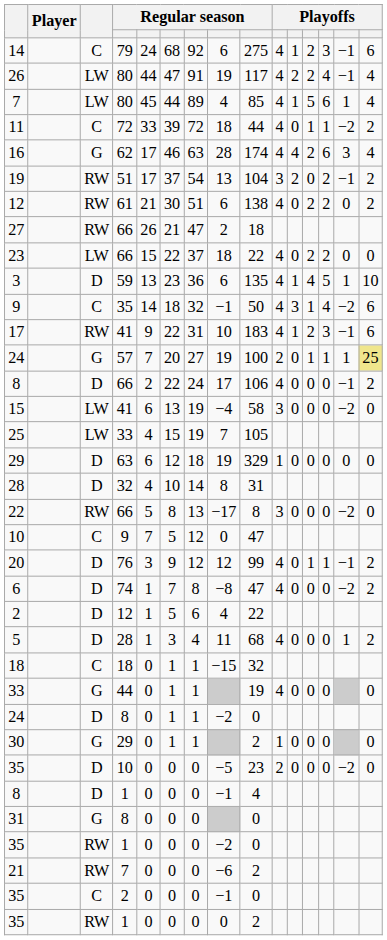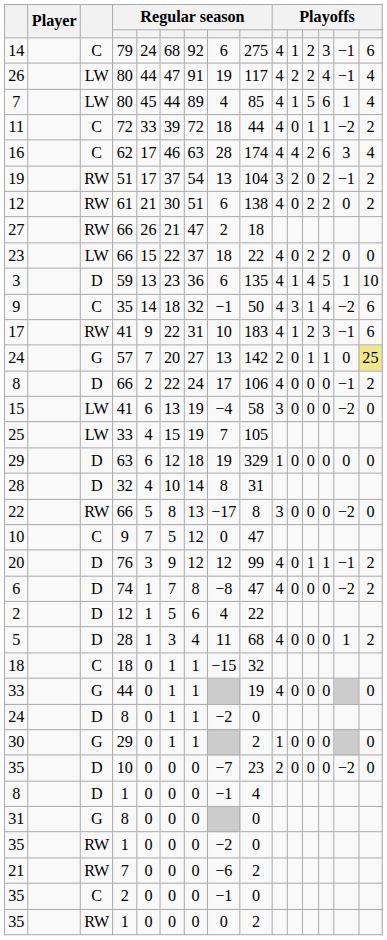 <table class="wikitable sortable plainrowheaders" style="text-align:center;">
 <tr>
 <th scope="col" data-sort-type="number" rowspan="2"></th>
 <th scope="col" rowspan="2">Player</th>
 <th scope="col" rowspan="2"></th>
 <th scope=colgroup colspan=6>Regular season</th>
 <th scope=colgroup colspan=6>Playoffs</th>
 </tr>
 <tr>
 <th scope="col" data-sort-type="number"></th>
 <th scope="col" data-sort-type="number"></th>
 <th scope="col" data-sort-type="number"></th>
 <th scope="col" data-sort-type="number"></th>
 <th scope="col" data-sort-type="number"></th>
 <th scope="col" data-sort-type="number"></th>
 <th scope="col" data-sort-type="number"></th>
 <th scope="col" data-sort-type="number"></th>
 <th scope="col" data-sort-type="number"></th>
 <th scope="col" data-sort-type="number"></th>
 <th scope="col" data-sort-type="number"></th>
 <th scope="col" data-sort-type="number"></th>
 </tr>
 <tr>
 <td scope="row">14</td>
 <td align="left"></td>
 <td>C</td>
 <td>79</td>
 <td>24</td>
 <td>68</td>
 <td>92</td>
 <td>6</td>
 <td>275</td>
 <td>4</td>
 <td>1</td>
 <td>2</td>
 <td>3</td>
 <td>−1</td>
 <td>6</td>
 </tr>
 <tr>
 <td scope="row">26</td>
 <td align="left"></td>
 <td>LW</td>
 <td>80</td>
 <td>44</td>
 <td>47</td>
 <td>91</td>
 <td>19</td>
 <td>117</td>
 <td>4</td>
 <td>2</td>
 <td>2</td>
 <td>4</td>
 <td>−1</td>
 <td>4</td>
 </tr>
 <tr>
 <td scope="row">7</td>
 <td align="left"></td>
 <td>LW</td>
 <td>80</td>
 <td>45</td>
 <td>44</td>
 <td>89</td>
 <td>4</td>
 <td>85</td>
 <td>4</td>
 <td>1</td>
 <td>5</td>
 <td>6</td>
 <td>1</td>
 <td>4</td>
 </tr>
 <tr>
 <td scope="row">11</td>
 <td align="left"></td>
 <td>C</td>
 <td>72</td>
 <td>33</td>
 <td>39</td>
 <td>72</td>
 <td>18</td>
 <td>44</td>
 <td>4</td>
 <td>0</td>
 <td>1</td>
 <td>1</td>
 <td>−2</td>
 <td>2</td>
 </tr>
 <tr>
 <td scope="row">16</td>
 <td align="left"></td>
-<td>G</td>
+<td>C</td>
 <td>62</td>
 <td>17</td>
 <td>46</td>
 <td>63</td>
 <td>28</td>
 <td>174</td>
 <td>4</td>
 <td>4</td>
 <td>2</td>
 <td>6</td>
 <td>3</td>
 <td>4</td>
 </tr>
 <tr>
 <td scope="row">19</td>
 <td align="left"></td>
 <td>RW</td>
 <td>51</td>
 <td>17</td>
 <td>37</td>
 <td>54</td>
 <td>13</td>
 <td>104</td>
 <td>3</td>
 <td>2</td>
 <td>0</td>
 <td>2</td>
 <td>−1</td>
 <td>2</td>
 </tr>
 <tr>
 <td scope="row">12</td>
 <td align="left"></td>
 <td>RW</td>
 <td>61</td>
 <td>21</td>
 <td>30</td>
 <td>51</td>
 <td>6</td>
 <td>138</td>
 <td>4</td>
 <td>0</td>
 <td>2</td>
 <td>2</td>
 <td>0</td>
 <td>2</td>
 </tr>
 <tr>
 <td scope="row">27</td>
 <td align="left"></td>
 <td>RW</td>
 <td>66</td>
 <td>26</td>
 <td>21</td>
 <td>47</td>
 <td>2</td>
 <td>18</td>
 <td></td>
 <td></td>
 <td></td>
 <td></td>
 <td></td>
 <td></td>
 </tr>
 <tr>
 <td scope="row">23</td>
 <td align="left"></td>
 <td>LW</td>
 <td>66</td>
 <td>15</td>
 <td>22</td>
 <td>37</td>
 <td>18</td>
 <td>22</td>
 <td>4</td>
 <td>0</td>
 <td>2</td>
 <td>2</td>
 <td>0</td>
 <td>0</td>
 </tr>
 <tr>
 <td scope="row">3</td>
 <td align="left"></td>
 <td>D</td>
 <td>59</td>
 <td>13</td>
 <td>23</td>
 <td>36</td>
 <td>6</td>
 <td>135</td>
 <td>4</td>
 <td>1</td>
 <td>4</td>
 <td>5</td>
 <td>1</td>
 <td>10</td>
 </tr>
 <tr>
 <td scope="row">9</td>
 <td align="left"></td>
 <td>C</td>
 <td>35</td>
 <td>14</td>
 <td>18</td>
 <td>32</td>
 <td>−1</td>
 <td>50</td>
 <td>4</td>
 <td>3</td>
 <td>1</td>
 <td>4</td>
 <td>−2</td>
 <td>6</td>
 </tr>
 <tr>
 <td scope="row">17</td>
 <td align="left"></td>
 <td>RW</td>
 <td>41</td>
 <td>9</td>
 <td>22</td>
 <td>31</td>
 <td>10</td>
 <td>183</td>
 <td>4</td>
 <td>1</td>
 <td>2</td>
 <td>3</td>
 <td>−1</td>
 <td>6</td>
 </tr>
 <tr>
 <td scope="row">24</td>
 <td align="left"></td>
 <td>G</td>
 <td>57</td>
 <td>7</td>
 <td>20</td>
 <td>27</td>
-<td>19</td>
-<td>100</td>
+<td>13</td>
+<td>142</td>
 <td>2</td>
 <td>0</td>
 <td>1</td>
 <td>1</td>
-<td>1</td>
+<td>0</td>
 <td style="background: khaki;">25</td>
 </tr>
 <tr>
 <td scope="row">8</td>
 <td align="left"></td>
 <td>D</td>
 <td>66</td>
 <td>2</td>
 <td>22</td>
 <td>24</td>
 <td>17</td>
 <td>106</td>
 <td>4</td>
 <td>0</td>
 <td>0</td>
 <td>0</td>
 <td>−1</td>
 <td>2</td>
 </tr>
 <tr>
 <td scope="row">15</td>
 <td align="left"></td>
 <td>LW</td>
 <td>41</td>
 <td>6</td>
 <td>13</td>
 <td>19</td>
 <td>−4</td>
 <td>58</td>
 <td>3</td>
 <td>0</td>
 <td>0</td>
 <td>0</td>
 <td>−2</td>
 <td>0</td>
 </tr>
 <tr>
 <td scope="row">25</td>
 <td align="left"></td>
 <td>LW</td>
 <td>33</td>
 <td>4</td>
 <td>15</td>
 <td>19</td>
 <td>7</td>
 <td>105</td>
 <td></td>
 <td></td>
 <td></td>
 <td></td>
 <td></td>
 <td></td>
 </tr>
 <tr>
 <td scope="row">29</td>
 <td align="left"></td>
 <td>D</td>
 <td>63</td>
 <td>6</td>
 <td>12</td>
 <td>18</td>
 <td>19</td>
 <td>329</td>
 <td>1</td>
 <td>0</td>
 <td>0</td>
 <td>0</td>
 <td>0</td>
 <td>0</td>
 </tr>
 <tr>
 <td scope="row">28</td>
 <td align="left"></td>
 <td>D</td>
 <td>32</td>
 <td>4</td>
 <td>10</td>
 <td>14</td>
 <td>8</td>
 <td>31</td>
 <td></td>
 <td></td>
 <td></td>
 <td></td>
 <td></td>
 <td></td>
 </tr>
 <tr>
 <td scope="row">22</td>
 <td align="left"></td>
 <td>RW</td>
 <td>66</td>
 <td>5</td>
 <td>8</td>
 <td>13</td>
 <td>−17</td>
 <td>8</td>
 <td>3</td>
 <td>0</td>
 <td>0</td>
 <td>0</td>
 <td>−2</td>
 <td>0</td>
 </tr>
 <tr>
 <td scope="row">10</td>
 <td align="left"></td>
 <td>C</td>
 <td>9</td>
 <td>7</td>
 <td>5</td>
 <td>12</td>
 <td>0</td>
 <td>47</td>
 <td></td>
 <td></td>
 <td></td>
 <td></td>
 <td></td>
 <td></td>
 </tr>
 <tr>
 <td scope="row">20</td>
 <td align="left"></td>
 <td>D</td>
 <td>76</td>
 <td>3</td>
 <td>9</td>
 <td>12</td>
 <td>12</td>
 <td>99</td>
 <td>4</td>
 <td>0</td>
 <td>1</td>
 <td>1</td>
 <td>−1</td>
 <td>2</td>
 </tr>
 <tr>
 <td scope="row">6</td>
 <td align="left"></td>
 <td>D</td>
 <td>74</td>
 <td>1</td>
 <td>7</td>
 <td>8</td>
 <td>−8</td>
 <td>47</td>
 <td>4</td>
 <td>0</td>
 <td>0</td>
 <td>0</td>
 <td>−2</td>
 <td>2</td>
 </tr>
 <tr>
 <td scope="row">2</td>
 <td align="left"></td>
 <td>D</td>
 <td>12</td>
 <td>1</td>
 <td>5</td>
 <td>6</td>
 <td>4</td>
 <td>22</td>
 <td></td>
 <td></td>
 <td></td>
 <td></td>
 <td></td>
 <td></td>
 </tr>
 <tr>
 <td scope="row">5</td>
 <td align="left"></td>
 <td>D</td>
 <td>28</td>
 <td>1</td>
 <td>3</td>
 <td>4</td>
 <td>11</td>
 <td>68</td>
 <td>4</td>
 <td>0</td>
 <td>0</td>
 <td>0</td>
 <td>1</td>
 <td>2</td>
 </tr>
 <tr>
 <td scope="row">18</td>
 <td align="left"></td>
 <td>C</td>
 <td>18</td>
 <td>0</td>
 <td>1</td>
 <td>1</td>
 <td>−15</td>
 <td>32</td>
 <td></td>
 <td></td>
 <td></td>
 <td></td>
 <td></td>
 <td></td>
 </tr>
 <tr>
 <td scope="row">33</td>
 <td align="left"></td>
 <td>G</td>
 <td>44</td>
 <td>0</td>
 <td>1</td>
 <td>1</td>
 <td style="background:#ccc"></td>
 <td>19</td>
 <td>4</td>
 <td>0</td>
 <td>0</td>
 <td>0</td>
 <td style="background:#ccc"></td>
 <td>0</td>
 </tr>
 <tr>
 <td scope="row">24</td>
 <td align="left"></td>
 <td>D</td>
 <td>8</td>
 <td>0</td>
 <td>1</td>
 <td>1</td>
 <td>−2</td>
 <td>0</td>
 <td></td>
 <td></td>
 <td></td>
 <td></td>
 <td></td>
 <td></td>
 </tr>
 <tr>
 <td scope="row">30</td>
 <td align="left"></td>
 <td>G</td>
 <td>29</td>
 <td>0</td>
 <td>1</td>
 <td>1</td>
 <td style="background:#ccc"></td>
 <td>2</td>
 <td>1</td>
 <td>0</td>
 <td>0</td>
 <td>0</td>
 <td style="background:#ccc"></td>
 <td>0</td>
 </tr>
 <tr>
 <td scope="row">35</td>
 <td align="left"></td>
 <td>D</td>
 <td>10</td>
 <td>0</td>
 <td>0</td>
 <td>0</td>
-<td>−5</td>
+<td>−7</td>
 <td>23</td>
 <td>2</td>
 <td>0</td>
 <td>0</td>
 <td>0</td>
 <td>−2</td>
 <td>0</td>
 </tr>
 <tr>
 <td scope="row">8</td>
 <td align="left"></td>
 <td>D</td>
 <td>1</td>
 <td>0</td>
 <td>0</td>
 <td>0</td>
 <td>−1</td>
 <td>4</td>
 <td></td>
 <td></td>
 <td></td>
 <td></td>
 <td></td>
 <td></td>
 </tr>
 <tr>
 <td scope="row">31</td>
 <td align="left"></td>
 <td>G</td>
 <td>8</td>
 <td>0</td>
 <td>0</td>
 <td>0</td>
 <td style="background:#ccc"></td>
 <td>0</td>
 <td></td>
 <td></td>
 <td></td>
 <td></td>
 <td></td>
 <td></td>
 </tr>
 <tr>
 <td scope="row">35</td>
 <td align="left"></td>
 <td>RW</td>
 <td>1</td>
 <td>0</td>
 <td>0</td>
 <td>0</td>
 <td>−2</td>
 <td>0</td>
 <td></td>
 <td></td>
 <td></td>
 <td></td>
 <td></td>
 <td></td>
 </tr>
 <tr>
 <td scope="row">21</td>
 <td align="left"></td>
 <td>RW</td>
 <td>7</td>
 <td>0</td>
 <td>0</td>
 <td>0</td>
 <td>−6</td>
 <td>2</td>
 <td></td>
 <td></td>
 <td></td>
 <td></td>
 <td></td>
 <td></td>
 </tr>
 <tr>
 <td scope="row">35</td>
 <td align="left"></td>
 <td>C</td>
 <td>2</td>
 <td>0</td>
 <td>0</td>
 <td>0</td>
 <td>−1</td>
 <td>0</td>
 <td></td>
 <td></td>
 <td></td>
 <td></td>
 <td></td>
 <td></td>
 </tr>
 <tr>
 <td scope="row">35</td>
 <td align="left"></td>
 <td>RW</td>
 <td>1</td>
 <td>0</td>
 <td>0</td>
 <td>0</td>
 <td>0</td>
 <td>2</td>
 <td></td>
 <td></td>
 <td></td>
 <td></td>
 <td></td>
 <td></td>
 </tr>
 </table>
